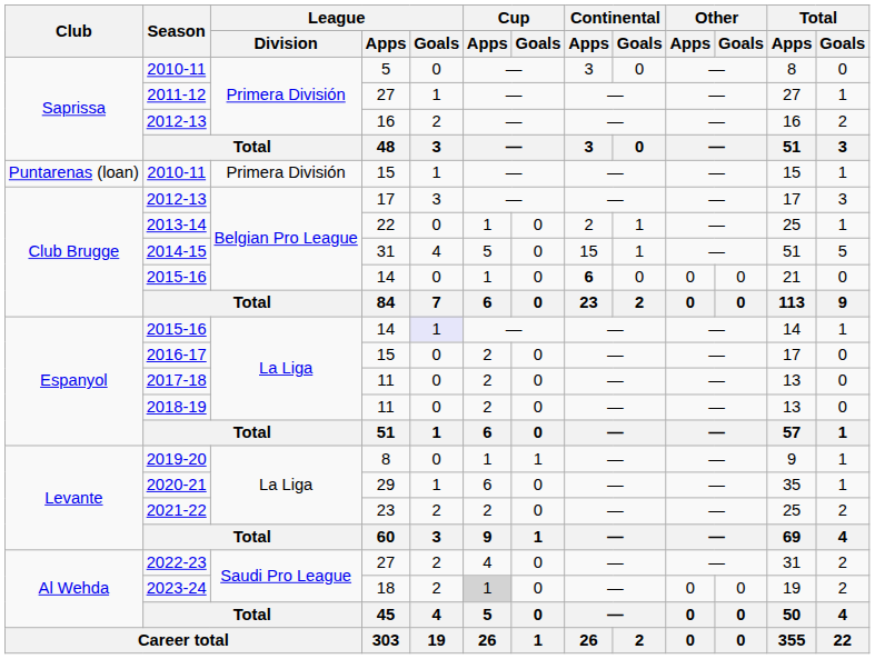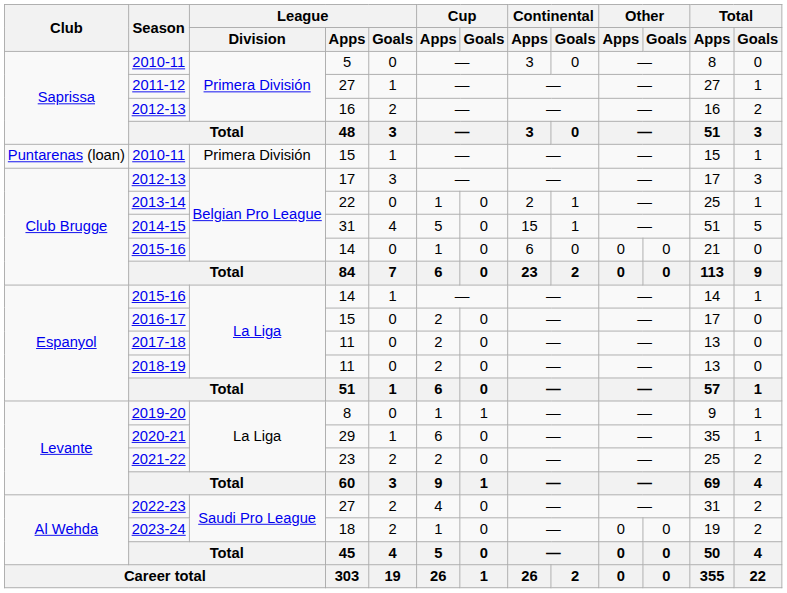 <table class="wikitable" style="text-align:center">
 <tr>
 <th rowspan="2">Club</th>
 <th rowspan="2">Season</th>
 <th colspan="3">League</th>
 <th colspan="2">Cup</th>
 <th colspan="2">Continental</th>
 <th colspan="2">Other</th>
 <th colspan="2">Total</th>
 </tr>
 <tr>
 <th>Division</th>
 <th>Apps</th>
 <th>Goals</th>
 <th>Apps</th>
 <th>Goals</th>
 <th>Apps</th>
 <th>Goals</th>
 <th>Apps</th>
 <th>Goals</th>
 <th>Apps</th>
 <th>Goals</th>
 </tr>
 <tr>
 <td rowspan="4"><a href='#'>Saprissa</a></td>
 <td><a href='#'>2010-11</a></td>
 <td rowspan="3"><a href='#'>Primera División</a></td>
 <td>5</td>
 <td>0</td>
 <td colspan="2">—</td>
 <td>3</td>
 <td>0</td>
 <td colspan="2">—</td>
 <td>8</td>
 <td>0</td>
 </tr>
 <tr>
 <td><a href='#'>2011-12</a></td>
 <td>27</td>
 <td>1</td>
 <td colspan="2">—</td>
 <td colspan="2">—</td>
 <td colspan="2">—</td>
 <td>27</td>
 <td>1</td>
 </tr>
 <tr>
 <td><a href='#'>2012-13</a></td>
 <td>16</td>
 <td>2</td>
 <td colspan="2">—</td>
 <td colspan="2">—</td>
 <td colspan="2">—</td>
 <td>16</td>
 <td>2</td>
 </tr>
 <tr>
 <th colspan="2">Total</th>
 <th>48</th>
 <th>3</th>
 <th colspan="2">—</th>
 <th>3</th>
 <th>0</th>
 <th colspan="2">—</th>
 <th>51</th>
 <th>3</th>
 </tr>
 <tr>
 <td><a href='#'>Puntarenas</a> (loan)</td>
 <td><a href='#'>2010-11</a></td>
 <td>Primera División</td>
 <td>15</td>
 <td>1</td>
 <td colspan="2">—</td>
 <td colspan="2">—</td>
 <td colspan="2">—</td>
 <td>15</td>
 <td>1</td>
 </tr>
 <tr>
 <td rowspan="5"><a href='#'>Club Brugge</a></td>
 <td><a href='#'>2012-13</a></td>
 <td rowspan="4"><a href='#'>Belgian Pro League</a></td>
 <td>17</td>
 <td>3</td>
 <td colspan="2">—</td>
 <td colspan="2">—</td>
 <td colspan="2">—</td>
 <td>17</td>
 <td>3</td>
 </tr>
 <tr>
 <td><a href='#'>2013-14</a></td>
 <td>22</td>
 <td>0</td>
 <td>1</td>
 <td>0</td>
 <td>2</td>
 <td>1</td>
 <td colspan="2">—</td>
 <td>25</td>
 <td>1</td>
 </tr>
 <tr>
 <td><a href='#'>2014-15</a></td>
 <td>31</td>
 <td>4</td>
 <td>5</td>
 <td>0</td>
 <td>15</td>
 <td>1</td>
 <td colspan="2">—</td>
 <td>51</td>
 <td>5</td>
 </tr>
 <tr>
 <td><a href='#'>2015-16</a></td>
 <td>14</td>
 <td>0</td>
 <td>1</td>
 <td>0</td>
-<td><strong>6</strong></td>
+<td>6</td>
 <td>0</td>
 <td>0</td>
 <td>0</td>
 <td>21</td>
 <td>0</td>
 </tr>
 <tr>
 <th colspan="2">Total</th>
 <th>84</th>
 <th>7</th>
 <th>6</th>
 <th>0</th>
 <th>23</th>
 <th>2</th>
 <th>0</th>
 <th>0</th>
 <th>113</th>
 <th>9</th>
 </tr>
 <tr>
 <td rowspan="5"><a href='#'>Espanyol</a></td>
 <td><a href='#'>2015-16</a></td>
 <td rowspan="4"><a href='#'>La Liga</a></td>
 <td>14</td>
-<td style="background: lavender;">1</td>
+<td>1</td>
 <td colspan="2">—</td>
 <td colspan="2">—</td>
 <td colspan="2">—</td>
 <td>14</td>
 <td>1</td>
 </tr>
 <tr>
 <td><a href='#'>2016-17</a></td>
 <td>15</td>
 <td>0</td>
 <td>2</td>
 <td>0</td>
 <td colspan="2">—</td>
 <td colspan="2">—</td>
 <td>17</td>
 <td>0</td>
 </tr>
 <tr>
 <td><a href='#'>2017-18</a></td>
 <td>11</td>
 <td>0</td>
 <td>2</td>
 <td>0</td>
 <td colspan="2">—</td>
 <td colspan="2">—</td>
 <td>13</td>
 <td>0</td>
 </tr>
 <tr>
 <td><a href='#'>2018-19</a></td>
 <td>11</td>
 <td>0</td>
 <td>2</td>
 <td>0</td>
 <td colspan="2">—</td>
 <td colspan="2">—</td>
 <td>13</td>
 <td>0</td>
 </tr>
 <tr>
 <th colspan="2">Total</th>
 <th>51</th>
 <th>1</th>
 <th>6</th>
 <th>0</th>
 <th colspan="2">—</th>
 <th colspan="2">—</th>
 <th>57</th>
 <th>1</th>
 </tr>
 <tr>
 <td rowspan="4"><a href='#'>Levante</a></td>
 <td><a href='#'>2019-20</a></td>
 <td rowspan="3">La Liga</td>
 <td>8</td>
 <td>0</td>
 <td>1</td>
 <td>1</td>
 <td colspan="2">—</td>
 <td colspan="2">—</td>
 <td>9</td>
 <td>1</td>
 </tr>
 <tr>
 <td><a href='#'>2020-21</a></td>
 <td>29</td>
 <td>1</td>
 <td>6</td>
 <td>0</td>
 <td colspan="2">—</td>
 <td colspan="2">—</td>
 <td>35</td>
 <td>1</td>
 </tr>
 <tr>
 <td><a href='#'>2021-22</a></td>
 <td>23</td>
 <td>2</td>
 <td>2</td>
 <td>0</td>
 <td colspan="2">—</td>
 <td colspan="2">—</td>
 <td>25</td>
 <td>2</td>
 </tr>
 <tr>
 <th colspan="2">Total</th>
 <th>60</th>
 <th>3</th>
 <th>9</th>
 <th>1</th>
 <th colspan="2">—</th>
 <th colspan="2">—</th>
 <th>69</th>
 <th>4</th>
 </tr>
 <tr>
 <td rowspan="3"><a href='#'>Al Wehda</a></td>
 <td><a href='#'>2022-23</a></td>
 <td rowspan="2"><a href='#'>Saudi Pro League</a></td>
 <td>27</td>
 <td>2</td>
 <td>4</td>
 <td>0</td>
 <td colspan="2">—</td>
 <td colspan="2">—</td>
 <td>31</td>
 <td>2</td>
 </tr>
 <tr>
 <td><a href='#'>2023-24</a></td>
 <td>18</td>
 <td>2</td>
-<td style="background: lightgrey;">1</td>
+<td>1</td>
 <td>0</td>
 <td colspan="2">—</td>
 <td>0</td>
 <td>0</td>
 <td>19</td>
 <td>2</td>
 </tr>
 <tr>
 <th colspan="2">Total</th>
 <th>45</th>
 <th>4</th>
 <th>5</th>
 <th>0</th>
 <th colspan="2">—</th>
 <th>0</th>
 <th>0</th>
 <th>50</th>
 <th>4</th>
 </tr>
 <tr>
 <th colspan="3">Career total</th>
 <th>303</th>
 <th>19</th>
 <th>26</th>
 <th>1</th>
 <th>26</th>
 <th>2</th>
 <th>0</th>
 <th>0</th>
 <th>355</th>
 <th>22</th>
 </tr>
 </table>
